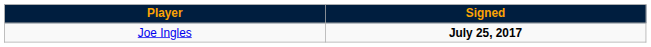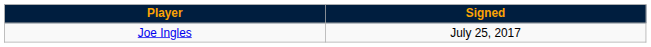 <table class="wikitable sortable sortable" style="text-align: center">
 <tr>
 <th style="background:#001e3f; color:#fca404" width="10%">Player</th>
 <th style="background:#001e3f; color:#fca404" width="10%">Signed</th>
 </tr>
 <tr style="text-align: center">
 <td><a href='#'>Joe Ingles</a></td>
-<td><strong>July 25, 2017</strong></td>
+<td>July 25, 2017</td>
 </tr>
 </table>
